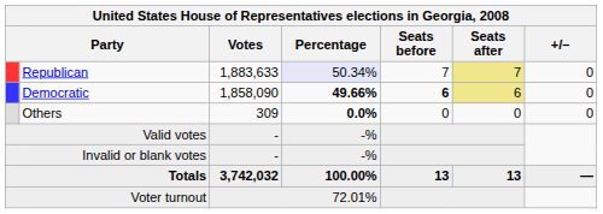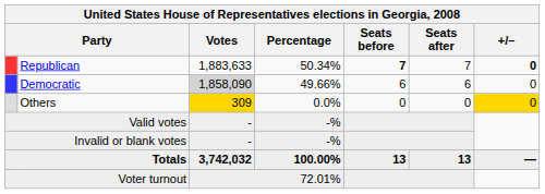 <table class="wikitable" style="font-size: 95%;">
 <tr>
 <th colspan="7">United States House of Representatives elections in Georgia, 2008</th>
 </tr>
 <tr>
 <th colspan=2 style="width: 15em">Party</th>
 <th style="width: 5em">Votes</th>
 <th style="width: 7em">Percentage</th>
 <th style="width: 5em">Seats before</th>
 <th style="width: 5em">Seats after</th>
 <th style="width: 5em">+/–</th>
 </tr>
 <tr>
 <th style="background-color:#FF3333; width: 3px"></th>
 <td style="width: 130px"><a href='#'>Republican</a></td>
 <td align="right">1,883,633</td>
-<td align="right" style="background: lavender;">50.34%</td>
+<td align="right">50.34%</td>
+<td align="right"><strong>7</strong></td>
 <td align="right">7</td>
-<td align="right" style="background: khaki;">7</td>
-<td align="right">0</td>
+<td align="right"><strong>0</strong></td>
 </tr>
 <tr>
 <th style="background-color:#3333FF; width: 3px"></th>
 <td style="width: 130px"><a href='#'>Democratic</a></td>
-<td align="right">1,858,090</td>
-<td align="right"><strong>49.66%</strong></td>
-<td align="right"><strong>6</strong></td>
-<td align="right" style="background: khaki;">6</td>
+<td align="right" style="background: lightgrey;">1,858,090</td>
+<td align="right">49.66%</td>
+<td align="right">6</td>
+<td align="right">6</td>
 <td align="right">0</td>
 </tr>
 <tr>
 <th style="background-color:#DDDDDD; width: 3px"></th>
 <td style="width: 130px">Others</td>
-<td align="right">309</td>
-<td align="right"><strong>0.0%</strong></td>
+<td align="right" style="background: gold;">309</td>
+<td align="right">0.0%</td>
 <td align="right">0</td>
 <td align="right">0</td>
-<td align="right">0</td>
+<td align="right" style="background: gold;">0</td>
 </tr>
 <tr bgcolor="#EEEEEE">
 <td colspan="2" align="right">Valid votes</td>
 <td align="right">-</td>
 <td align="right">-%</td>
 <td colspan="2" align="right"></td>
 </tr>
 <tr bgcolor="#EEEEEE">
 <td colspan="2" align="right">Invalid or blank votes</td>
 <td align="right">-</td>
 <td align="right">-%</td>
 <td colspan="2" align="right"></td>
 </tr>
 <tr bgcolor="#EEEEEE">
 <td colspan="2" align="right"><strong>Totals</strong></td>
 <td align="right"><strong>3,742,032</strong></td>
 <td align="right"><strong>100.00%</strong></td>
 <td align="right"><strong>13</strong></td>
 <td align="right"><strong>13</strong></td>
 <td align="right"><strong>—</strong></td>
 </tr>
 <tr bgcolor="#EEEEEE">
 <td colspan="2" align="right">Voter turnout</td>
 <td colspan="2" align="right">72.01%</td>
 <td colspan="2" align="right"></td>
 </tr>
 </table>
